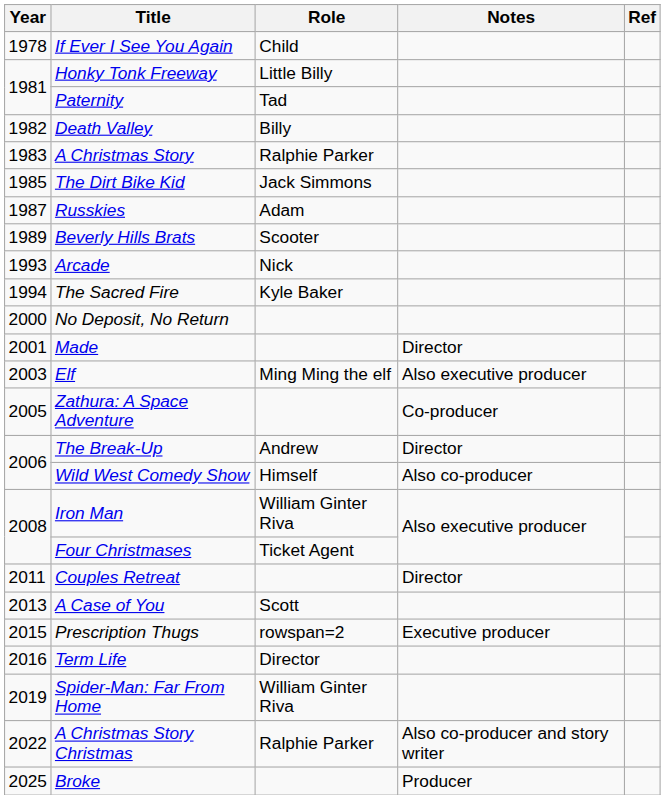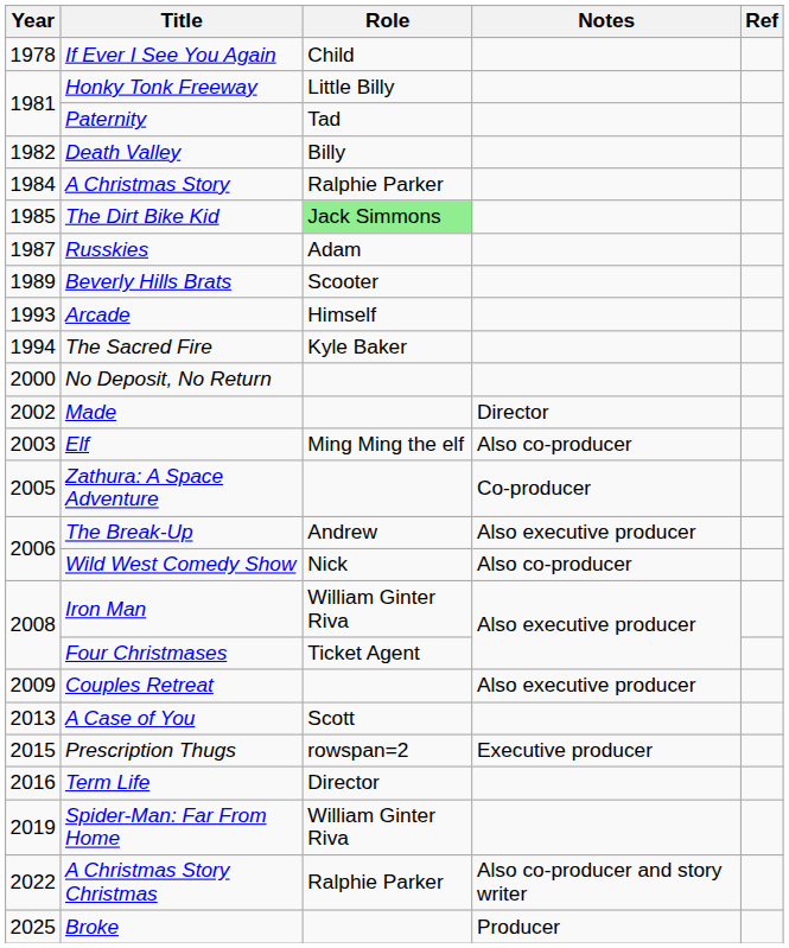 <table class="wikitable sortable">
 <tr>
 <th>Year</th>
 <th>Title</th>
 <th>Role</th>
 <th>Notes</th>
 <th>Ref</th>
 </tr>
 <tr>
 <td>1978</td>
 <td><em><a href='#'>If Ever I See You Again</a></em></td>
 <td>Child</td>
 <td></td>
 <td></td>
 </tr>
 <tr>
 <td rowspan="2">1981</td>
 <td><em><a href='#'>Honky Tonk Freeway</a></em></td>
 <td>Little Billy</td>
 <td></td>
 <td></td>
 </tr>
 <tr>
 <td><em><a href='#'>Paternity</a></em></td>
 <td>Tad</td>
 <td></td>
 <td></td>
 </tr>
 <tr>
 <td>1982</td>
 <td><em><a href='#'>Death Valley</a></em></td>
 <td>Billy</td>
 <td></td>
 <td></td>
 </tr>
 <tr>
-<td>1983</td>
+<td>1984</td>
 <td><em><a href='#'>A Christmas Story</a></em></td>
 <td>Ralphie Parker</td>
 <td></td>
 <td></td>
 </tr>
 <tr>
 <td>1985</td>
 <td><em><a href='#'>The Dirt Bike Kid</a></em></td>
-<td>Jack Simmons</td>
+<td style="background: lightgreen;">Jack Simmons</td>
 <td></td>
 <td></td>
 </tr>
 <tr>
 <td>1987</td>
 <td><em><a href='#'>Russkies</a></em></td>
 <td>Adam</td>
 <td></td>
 <td></td>
 </tr>
 <tr>
 <td>1989</td>
 <td><em><a href='#'>Beverly Hills Brats</a></em></td>
 <td>Scooter</td>
 <td></td>
 <td></td>
 </tr>
 <tr>
 <td>1993</td>
 <td><em><a href='#'>Arcade</a></em></td>
-<td>Nick</td>
+<td>Himself</td>
 <td></td>
 <td></td>
 </tr>
 <tr>
 <td>1994</td>
 <td><em>The Sacred Fire</em></td>
 <td>Kyle Baker</td>
 <td></td>
 <td></td>
 </tr>
 <tr>
 <td>2000</td>
 <td><em>No Deposit, No Return</em></td>
 <td></td>
 <td></td>
 <td></td>
 </tr>
 <tr>
-<td>2001</td>
+<td>2002</td>
 <td><em><a href='#'>Made</a></em></td>
 <td></td>
 <td>Director</td>
 <td></td>
 </tr>
 <tr>
 <td>2003</td>
 <td><em><a href='#'>Elf</a></em></td>
 <td>Ming Ming the elf</td>
-<td>Also executive producer</td>
+<td>Also co-producer</td>
 <td></td>
 </tr>
 <tr>
 <td>2005</td>
 <td><em><a href='#'>Zathura: A Space Adventure</a></em></td>
 <td></td>
 <td>Co-producer</td>
 <td></td>
 </tr>
 <tr>
 <td rowspan="2">2006</td>
 <td><em><a href='#'>The Break-Up</a></em></td>
 <td>Andrew</td>
-<td>Director</td>
+<td>Also executive producer</td>
 <td></td>
 </tr>
 <tr>
 <td><em><a href='#'>Wild West Comedy Show</a></em></td>
-<td>Himself</td>
+<td>Nick</td>
 <td>Also co-producer</td>
 <td></td>
 </tr>
 <tr>
 <td rowspan="2">2008</td>
 <td><em><a href='#'>Iron Man</a></em></td>
 <td>William Ginter Riva</td>
 <td rowspan=2>Also executive producer</td>
 <td></td>
 </tr>
 <tr>
 <td><em><a href='#'>Four Christmases </a></em></td>
 <td>Ticket Agent</td>
 <td></td>
 </tr>
 <tr>
-<td>2011</td>
+<td>2009</td>
 <td><em><a href='#'>Couples Retreat</a></em></td>
 <td></td>
-<td>Director</td>
+<td>Also executive producer</td>
 <td></td>
 </tr>
 <tr>
 <td>2013</td>
 <td><em><a href='#'>A Case of You</a></em></td>
 <td>Scott</td>
 <td></td>
 <td></td>
 </tr>
 <tr>
 <td>2015</td>
 <td><em>Prescription Thugs</em></td>
 <td>rowspan=2 </td>
 <td>Executive producer</td>
 <td></td>
 </tr>
 <tr>
 <td>2016</td>
 <td><em><a href='#'>Term Life</a></em></td>
 <td>Director</td>
 <td></td>
 </tr>
 <tr>
 <td>2019</td>
 <td><em><a href='#'>Spider-Man: Far From Home</a></em></td>
 <td>William Ginter Riva</td>
 <td></td>
 <td></td>
 </tr>
 <tr>
 <td>2022</td>
 <td><em><a href='#'>A Christmas Story Christmas</a></em></td>
 <td>Ralphie Parker</td>
 <td>Also co-producer and story writer</td>
 <td></td>
 </tr>
 <tr>
 <td>2025</td>
 <td><em><a href='#'>Broke</a></em></td>
 <td></td>
 <td>Producer</td>
 <td></td>
 </tr>
 </table>
